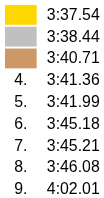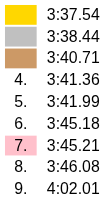 <table style="text-align:center">
 <tr>
 <td width=30 bgcolor=gold></td>
 <td align=left></td>
 <td width=60>3:37.54</td>
 </tr>
 <tr>
 <td bgcolor=silver></td>
 <td align=left></td>
 <td>3:38.44</td>
 </tr>
 <tr>
 <td bgcolor=cc9966></td>
 <td align=left></td>
 <td>3:40.71</td>
 </tr>
 <tr>
 <td>4.</td>
 <td align=left></td>
 <td>3:41.36</td>
 </tr>
 <tr>
 <td>5.</td>
 <td align=left></td>
 <td>3:41.99</td>
 </tr>
 <tr>
 <td>6.</td>
 <td align=left></td>
 <td>3:45.18</td>
 </tr>
 <tr>
-<td>7.</td>
+<td style="background: pink;">7.</td>
 <td align=left></td>
 <td>3:45.21</td>
 </tr>
 <tr>
 <td>8.</td>
 <td align=left></td>
 <td>3:46.08</td>
 </tr>
 <tr>
 <td>9.</td>
 <td align=left></td>
 <td>4:02.01</td>
 </tr>
 </table>
